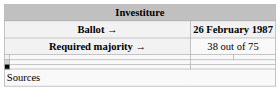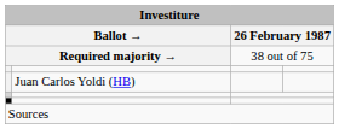 <table class="wikitable" style="text-align:center;">
 <tr bgcolor="#E9E9E9">
 <td colspan="4" align="center" bgcolor="#C0C0C0"><strong>Investiture</strong></td>
 </tr>
 <tr>
 <th colspan="2" width="275px">Ballot →</th>
 <th colspan="2">26 February 1987</th>
 </tr>
 <tr>
 <th colspan="2">Required majority →</th>
 <td colspan="2">38 out of 75</td>
 </tr>
 <tr>
 <th width="1px" style="background:"></th>
 <td align="left"></td>
 <td></td>
 <td></td>
 </tr>
 <tr>
+<th style="color:inherit;background:"></th>
+<td align="left"><span>Juan Carlos Yoldi (<a href='#'>HB</a>)</span></td>
+<td></td>
+<td></td>
+</tr>
+<tr>
 <th style="color:inherit;background:lightgray;"></th>
 <td align="left"></td>
 <td colspan="2"></td>
 </tr>
 <tr>
 <th style="color:inherit;background:black;"></th>
 <td align="left"></td>
 <td colspan="2"></td>
 </tr>
 <tr>
 <td align="left" colspan="4">Sources</td>
 </tr>
 </table>
